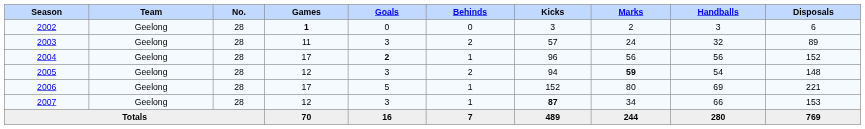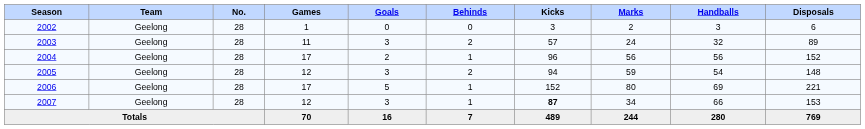 <table border="1" cellpadding="4" cellspacing="0" style="text-align:center; font-size:90%; border-collapse:collapse;" width=72%>
 <tr style="background:#C1D8FF;">
 <th width=3%>Season</th>
 <th width=5%>Team</th>
 <th width=2%>No.</th>
 <th width=3%>Games</th>
 <th width=3%><a href='#'>Goals</a></th>
 <th width=3%><a href='#'>Behinds</a></th>
 <th width=3%>Kicks</th>
 <th width=3%><a href='#'>Marks</a></th>
 <th width=3%><a href='#'>Handballs</a></th>
 <th width=3%>Disposals</th>
 </tr>
 <tr style="background:#F5FAFF;">
 <td><a href='#'>2002</a></td>
 <td>Geelong</td>
 <td>28</td>
-<td><strong>1</strong></td>
+<td>1</td>
 <td>0</td>
 <td>0</td>
 <td>3</td>
 <td>2</td>
 <td>3</td>
 <td>6</td>
 </tr>
 <tr style="background:#F5FAFF;">
 <td><a href='#'>2003</a></td>
 <td>Geelong</td>
 <td>28</td>
 <td>11</td>
 <td>3</td>
 <td>2</td>
 <td>57</td>
 <td>24</td>
 <td>32</td>
 <td>89</td>
 </tr>
 <tr style="background:#F5FAFF;">
 <td><a href='#'>2004</a></td>
 <td>Geelong</td>
 <td>28</td>
 <td>17</td>
-<td><strong>2</strong></td>
+<td>2</td>
 <td>1</td>
 <td>96</td>
 <td>56</td>
 <td>56</td>
 <td>152</td>
 </tr>
 <tr style="background:#F5FAFF;">
 <td><a href='#'>2005</a></td>
 <td>Geelong</td>
 <td>28</td>
 <td>12</td>
 <td>3</td>
 <td>2</td>
 <td>94</td>
-<td><strong>59</strong></td>
+<td>59</td>
 <td>54</td>
 <td>148</td>
 </tr>
 <tr style="background:#F5FAFF;">
 <td><a href='#'>2006</a></td>
 <td>Geelong</td>
 <td>28</td>
 <td>17</td>
 <td>5</td>
 <td>1</td>
 <td>152</td>
 <td>80</td>
 <td>69</td>
 <td>221</td>
 </tr>
 <tr style="background:#F5FAFF;">
 <td><a href='#'>2007</a></td>
 <td>Geelong</td>
 <td>28</td>
 <td>12</td>
 <td>3</td>
 <td>1</td>
 <td><strong>87</strong></td>
 <td>34</td>
 <td>66</td>
 <td>153</td>
 </tr>
 <tr style="background:#EFEFEF;">
 <th colspan=3>Totals</th>
 <td><strong>70</strong></td>
 <td><strong>16</strong></td>
 <td><strong>7</strong></td>
 <td><strong>489</strong></td>
 <td><strong>244</strong></td>
 <td><strong>280</strong></td>
 <td><strong>769</strong></td>
 </tr>
 </table>
